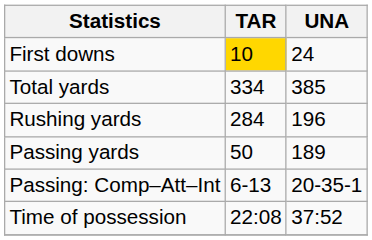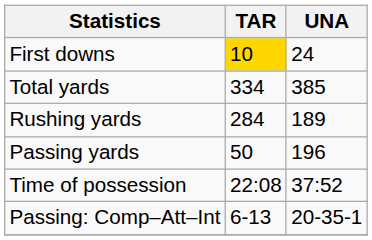 <table class="wikitable" style="float: left;">
 <tr>
 <th>Statistics</th>
 <th>TAR</th>
 <th>UNA</th>
 </tr>
 <tr>
 <td>First downs</td>
 <td style="background: gold;">10</td>
 <td>24</td>
 </tr>
 <tr>
 <td>Total yards</td>
 <td>334</td>
 <td>385</td>
 </tr>
 <tr>
 <td>Rushing yards</td>
 <td>284</td>
-<td>196</td>
+<td>189</td>
 </tr>
 <tr>
 <td>Passing yards</td>
 <td>50</td>
-<td>189</td>
+<td>196</td>
+</tr>
+<tr>
+<td>Time of possession</td>
+<td>22:08</td>
+<td>37:52</td>
 </tr>
 <tr>
 <td>Passing: Comp–Att–Int</td>
 <td>6-13</td>
 <td>20-35-1</td>
 </tr>
 <tr>
-<td>Time of possession</td>
-<td>22:08</td>
-<td>37:52</td>
-</tr>
-<tr>
 </tr>
 </table>
